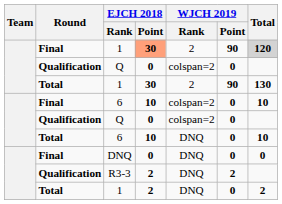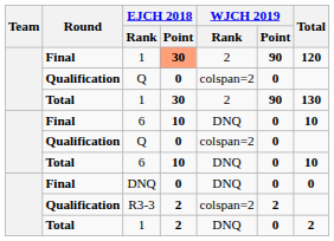 <table class="wikitable" style="font-size:100%; text-align:center;">
 <tr>
 <th rowspan=2>Team</th>
 <th rowspan=2>Round</th>
 <th colspan=2><a href='#'>EJCH 2018</a></th>
 <th colspan=2><a href='#'>WJCH 2019</a></th>
 <th rowspan=2>Total</th>
 </tr>
 <tr>
 <th>Rank</th>
 <th>Point</th>
 <th>Rank</th>
 <th>Point</th>
 </tr>
 <tr>
 <th rowspan=3 align=left></th>
 <td align=left><strong>Final</strong></td>
 <td>1</td>
 <td style="background: lightsalmon;"><strong>30</strong></td>
 <td>2</td>
 <td><strong>90</strong></td>
-<td style="background: lightgrey;"><strong>120</strong></td>
+<td><strong>120</strong></td>
 </tr>
 <tr>
 <td align=left><strong>Qualification</strong></td>
 <td>Q</td>
 <td><strong>0</strong></td>
 <td>colspan=2 </td>
 <td><strong>0</strong></td>
 </tr>
 <tr>
 <td align=left><strong>Total</strong></td>
 <td>1</td>
 <td><strong>30</strong></td>
 <td>2</td>
 <td><strong>90</strong></td>
 <td><strong>130</strong></td>
 </tr>
 <tr>
 <th rowspan=3 align=left></th>
 <td align=left><strong>Final</strong></td>
 <td>6</td>
 <td><strong>10</strong></td>
-<td>colspan=2 </td>
+<td>DNQ</td>
 <td><strong>0</strong></td>
 <td><strong>10</strong></td>
 </tr>
 <tr>
 <td align=left><strong>Qualification</strong></td>
 <td>Q</td>
 <td><strong>0</strong></td>
 <td>colspan=2 </td>
 <td><strong>0</strong></td>
 </tr>
 <tr>
 <td align=left><strong>Total</strong></td>
 <td>6</td>
 <td><strong>10</strong></td>
 <td>DNQ</td>
 <td><strong>0</strong></td>
 <td><strong>10</strong></td>
 </tr>
 <tr>
 <th rowspan=3 align=left></th>
 <td align=left><strong>Final</strong></td>
 <td>DNQ</td>
 <td><strong>0</strong></td>
 <td>DNQ</td>
 <td><strong>0</strong></td>
 <td><strong>0</strong></td>
 </tr>
 <tr>
 <td align=left><strong>Qualification</strong></td>
 <td>R3-3</td>
 <td><strong>2</strong></td>
-<td>DNQ</td>
+<td>colspan=2 </td>
 <td><strong>2</strong></td>
 </tr>
 <tr>
 <td align=left><strong>Total</strong></td>
 <td>1</td>
 <td><strong>2</strong></td>
 <td>DNQ</td>
 <td><strong>0</strong></td>
 <td><strong>2</strong></td>
 </tr>
 </table>
